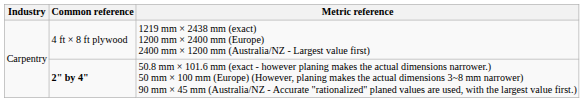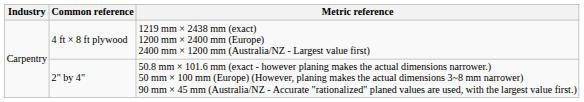 <table class="wikitable">
 <tr>
 <th>Industry</th>
 <th>Common reference</th>
 <th>Metric reference</th>
 </tr>
 <tr>
 <td rowspan="2">Carpentry</td>
 <td>4 ft × 8 ft plywood</td>
 <td>1219 mm × 2438 mm (exact)<br>1200 mm × 2400 mm (Europe)<br>2400 mm × 1200 mm (Australia/NZ - Largest value first)</td>
 </tr>
 <tr>
-<td><strong>2" by 4"</strong></td>
+<td>2" by 4"</td>
 <td>50.8 mm × 101.6 mm (exact - however planing makes the actual dimensions narrower.)<br> 50 mm × 100 mm (Europe) (However, planing makes the actual dimensions 3~8 mm narrower)<br> 90 mm × 45 mm (Australia/NZ - Accurate "rationalized" planed values are used, with the largest value first.)</td>
 </tr>
 </table>
